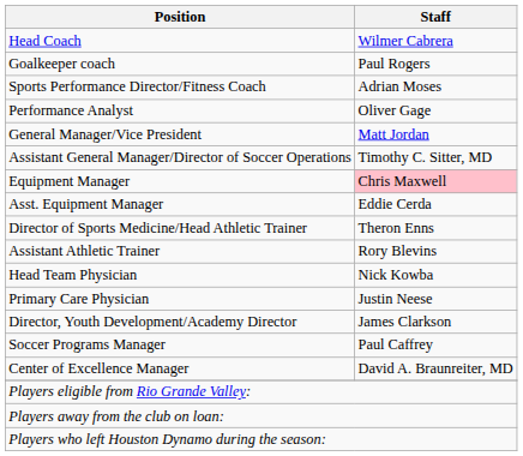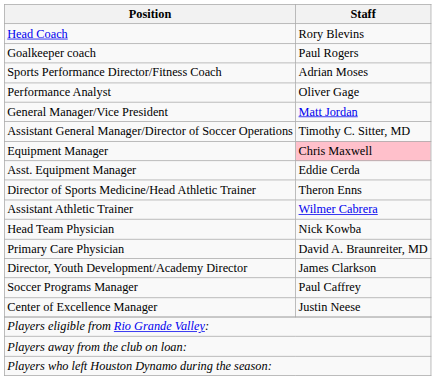 <table class="wikitable">
 <tr>
 <th>Position</th>
 <th>Staff</th>
 </tr>
 <tr>
 <td><a href='#'>Head Coach</a></td>
-<td> <a href='#'>Wilmer Cabrera</a></td>
+<td> Rory Blevins</td>
 </tr>
 <tr>
 <td>Goalkeeper coach</td>
 <td> Paul Rogers</td>
 </tr>
 <tr>
 <td>Sports Performance Director/Fitness Coach</td>
 <td> Adrian Moses</td>
 </tr>
 <tr>
 <td>Performance Analyst</td>
 <td> Oliver Gage</td>
 </tr>
 <tr>
 <td>General Manager/Vice President</td>
 <td> <a href='#'>Matt Jordan</a></td>
 </tr>
 <tr>
 <td>Assistant General Manager/Director of Soccer Operations</td>
 <td> Timothy C. Sitter, MD</td>
 </tr>
 <tr>
 <td>Equipment Manager</td>
 <td style="background: pink;">Chris Maxwell</td>
 </tr>
 <tr>
 <td>Asst. Equipment Manager</td>
 <td>Eddie Cerda</td>
 </tr>
 <tr>
 <td>Director of Sports Medicine/Head Athletic Trainer</td>
 <td> Theron Enns</td>
 </tr>
 <tr>
 <td>Assistant Athletic Trainer</td>
-<td> Rory Blevins</td>
+<td> <a href='#'>Wilmer Cabrera</a></td>
 </tr>
 <tr>
 <td>Head Team Physician</td>
 <td> Nick Kowba</td>
 </tr>
 <tr>
 <td>Primary Care Physician</td>
-<td> Justin Neese</td>
+<td> David A. Braunreiter, MD</td>
 </tr>
 <tr>
 <td>Director, Youth Development/Academy Director</td>
 <td> James Clarkson</td>
 </tr>
 <tr>
 <td>Soccer Programs Manager</td>
 <td> Paul Caffrey</td>
 </tr>
 <tr>
 <td>Center of Excellence Manager</td>
-<td> David A. Braunreiter, MD</td>
+<td> Justin Neese</td>
 </tr>
 <tr>
 </tr>
 <tr>
 <td colspan="14"><em>Players eligible from <a href='#'>Rio Grande Valley</a>:</em><br>  </td>
 </tr>
 <tr>
 <td colspan="14"><em>Players away from the club on loan:</em></td>
 </tr>
 <tr>
 <td colspan="14"><em>Players who left Houston Dynamo during the season:</em></td>
 </tr>
 </table>
